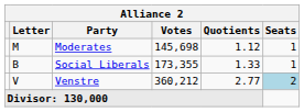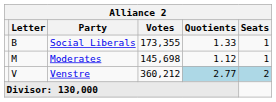 <table class="wikitable">
 <tr>
 <th colspan="6">Alliance 2</th>
 </tr>
 <tr>
 <th></th>
 <th>Letter</th>
 <th>Party</th>
 <th>Votes</th>
 <th>Quotients</th>
 <th>Seats</th>
 </tr>
 <tr>
 <td></td>
+<td style="text-align:left;">B</td>
+<td style="text-align:left;"><a href='#'>Social Liberals</a></td>
+<td style="text-align:right;">173,355</td>
+<td style="text-align:right;">1.33</td>
+<td style="text-align:right;">1</td>
+</tr>
+<tr>
+<td></td>
 <td style="text-align:left;">M</td>
 <td style="text-align:left;"><a href='#'>Moderates</a></td>
 <td style="text-align:right;">145,698</td>
 <td style="text-align:right;">1.12</td>
 <td style="text-align:right;">1</td>
 </tr>
 <tr>
 <td></td>
-<td style="text-align:left;">B</td>
-<td style="text-align:left;"><a href='#'>Social Liberals</a></td>
-<td style="text-align:right;">173,355</td>
-<td style="text-align:right;">1.33</td>
-<td style="text-align:right;">1</td>
-</tr>
-<tr>
-<td></td>
 <td style="text-align:left;">V</td>
 <td style="text-align:left;"><a href='#'>Venstre</a></td>
 <td style="text-align:right;">360,212</td>
-<td style="text-align:right;">2.77</td>
+<td style="background: lightblue; text-align:right;">2.77</td>
 <td style="background: lightblue; text-align:right;">2</td>
 </tr>
 <tr style="background-color:#E9E9E9">
 <td colspan="5" style="text-align:left;"><strong>Divisor: 130,000</strong></td>
 </tr>
 </table>
